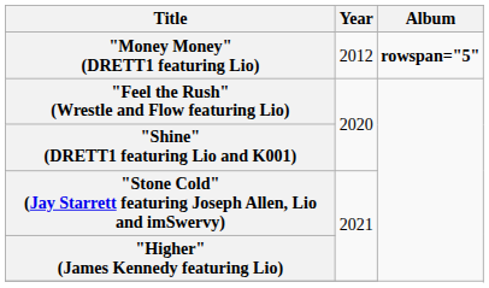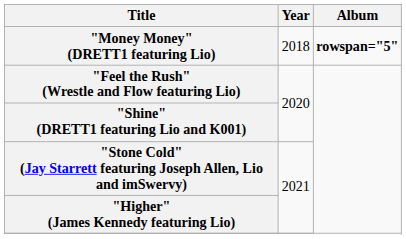 <table class="wikitable plainrowheaders" style="text-align:center;">
 <tr>
 <th scope="col" style="width:19em;">Title</th>
 <th scope="col">Year</th>
 <th scope="col">Album</th>
 </tr>
 <tr>
 <th scope="row">"Money Money"<br><span>(DRETT1 featuring Lio)</span></th>
-<td>2012</td>
+<td>2018</td>
 <td><strong>rowspan="5" </strong></td>
 </tr>
 <tr>
 <th scope="row">"Feel the Rush"<br><span>(Wrestle and Flow featuring Lio)</span></th>
 <td rowspan="2">2020</td>
 </tr>
 <tr>
 <th scope="row">"Shine"<br><span>(DRETT1 featuring Lio and K001)</span></th>
 </tr>
 <tr>
 <th scope="row">"Stone Cold"<br><span>(<a href='#'>Jay Starrett</a> featuring Joseph Allen, Lio and imSwervy)</span></th>
 <td rowspan="2">2021</td>
 </tr>
 <tr>
 <th scope="row">"Higher"<br><span>(James Kennedy featuring Lio)</span></th>
 </tr>
 <tr>
 </tr>
 </table>
